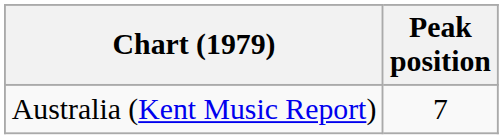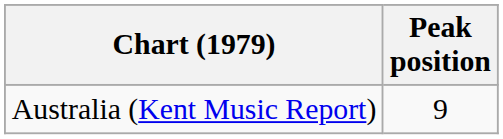 <table class="wikitable">
 <tr>
 <th scope="col">Chart (1979)</th>
 <th>Peak<br>position</th>
 </tr>
 <tr>
 <td>Australia (<a href='#'>Kent Music Report</a>)</td>
-<td style="text-align:center;">7</td>
+<td style="text-align:center;">9</td>
 </tr>
 </table>
